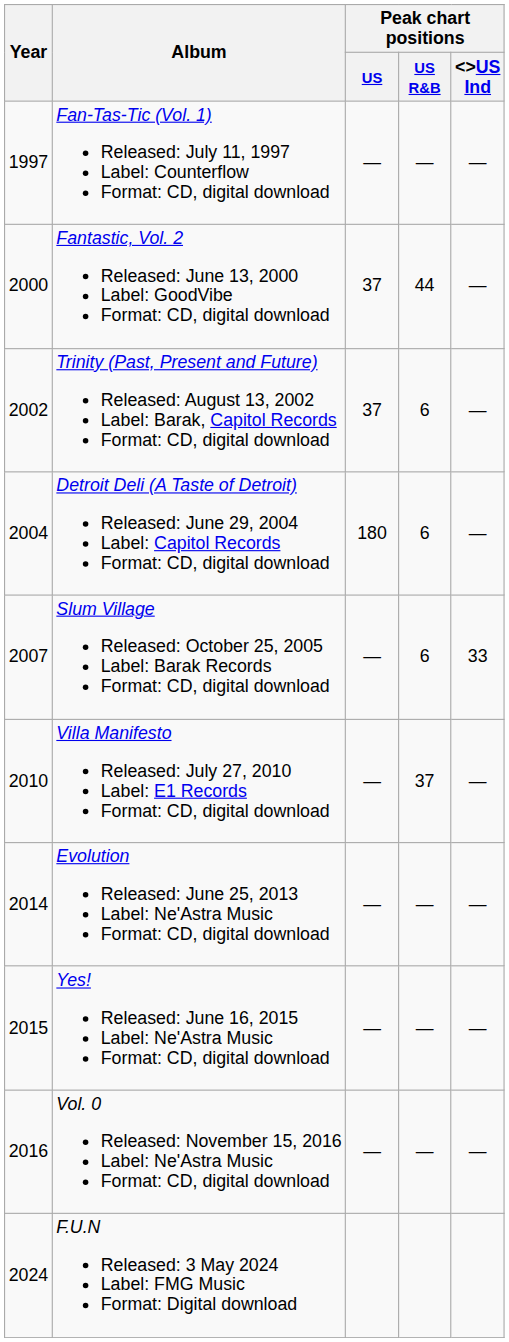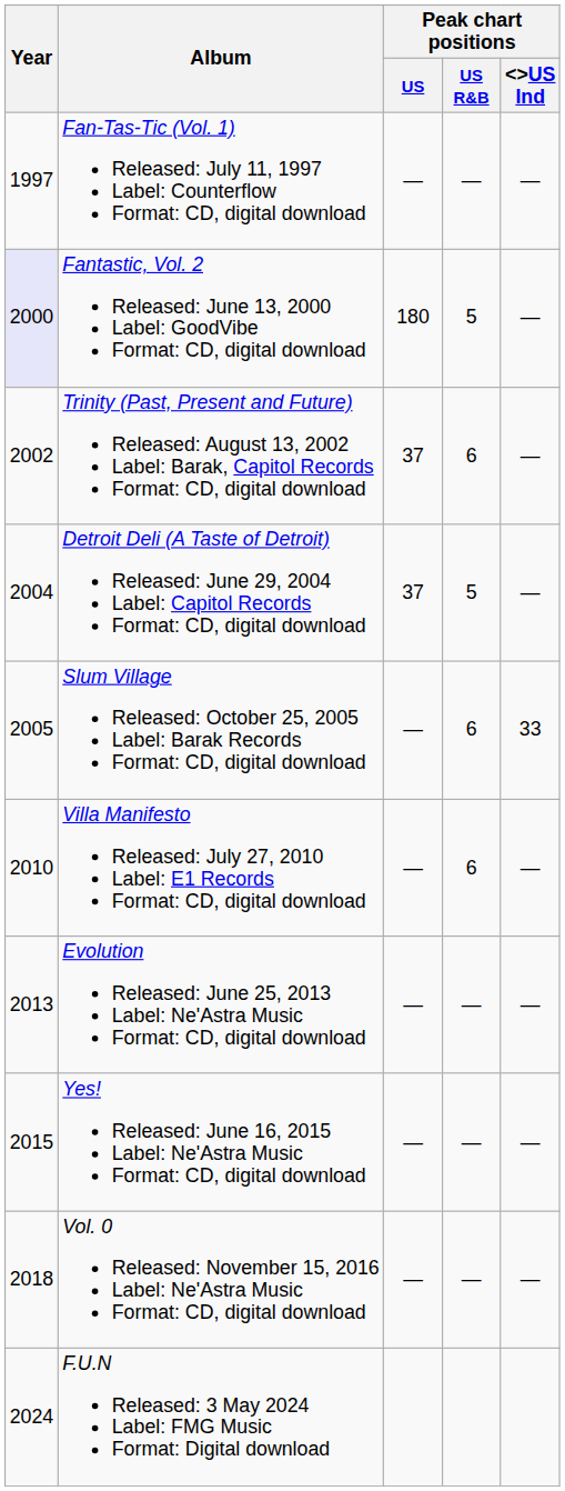 <table class="wikitable">
 <tr>
 <th style="text-align:center;" rowspan="2">Year</th>
 <th style="text-align:center;" rowspan="2">Album</th>
 <th style="text-align:center;" colspan="3">Peak chart positions</th>
 </tr>
 <tr>
 <th style="text-align:center; width:40px;"><small><a href='#'>US</a></small></th>
 <th style="text-align:center; width:40px;"><small><a href='#'>US <br>R&B</a></small></th>
 <th style="text-align:center; width:40px;"><><a href='#'>US Ind</a></th>
 </tr>
 <tr>
 <td style="text-align:center;" rowspan="1">1997</td>
 <td style="text-align:left; vertical-align:top;"><em><a href='#'>Fan-Tas-Tic (Vol. 1)</a></em><br><ul><li>Released: July 11, 1997</li><li>Label: Counterflow</li><li>Format: CD, digital download</li></ul></td>
 <td style="text-align:center;">—</td>
 <td style="text-align:center;">—</td>
 <td style="text-align:center;">—</td>
 </tr>
 <tr>
-<td style="text-align:center;">2000</td>
+<td style="background: lavender; text-align:center;">2000</td>
 <td style="text-align:left; vertical-align:top;"><em><a href='#'>Fantastic, Vol. 2</a></em><br><ul><li>Released: June 13, 2000</li><li>Label: GoodVibe</li><li>Format: CD, digital download</li></ul></td>
-<td style="text-align:center;">37</td>
-<td style="text-align:center;">44</td>
+<td style="text-align:center;">180</td>
+<td style="text-align:center;">5</td>
 <td style="text-align:center;">—</td>
 </tr>
 <tr>
 <td style="text-align:center;">2002</td>
 <td style="text-align:left; vertical-align:top;"><em><a href='#'>Trinity (Past, Present and Future)</a></em><br><ul><li>Released: August 13, 2002</li><li>Label: Barak, <a href='#'>Capitol Records</a></li><li>Format: CD, digital download</li></ul></td>
 <td style="text-align:center;">37</td>
 <td style="text-align:center;">6</td>
 <td style="text-align:center;">—</td>
 </tr>
 <tr>
 <td style="text-align:center;">2004</td>
 <td style="text-align:left; vertical-align:top;"><em><a href='#'>Detroit Deli (A Taste of Detroit)</a></em><br><ul><li>Released: June 29, 2004</li><li>Label: <a href='#'>Capitol Records</a></li><li>Format: CD, digital download</li></ul></td>
-<td style="text-align:center;">180</td>
-<td style="text-align:center;">6</td>
+<td style="text-align:center;">37</td>
+<td style="text-align:center;">5</td>
 <td style="text-align:center;">—</td>
 </tr>
 <tr>
-<td style="text-align:center;">2007</td>
+<td style="text-align:center;">2005</td>
 <td style="text-align:left; vertical-align:top;"><em><a href='#'>Slum Village</a></em><br><ul><li>Released: October 25, 2005</li><li>Label: Barak Records</li><li>Format: CD, digital download</li></ul></td>
 <td style="text-align:center;">—</td>
 <td style="text-align:center;">6</td>
 <td style="text-align:center;">33</td>
 </tr>
 <tr>
 <td style="text-align:center;">2010</td>
 <td style="text-align:left; vertical-align:top;"><em><a href='#'>Villa Manifesto</a></em><br><ul><li>Released: July 27, 2010</li><li>Label: <a href='#'>E1 Records</a></li><li>Format: CD, digital download</li></ul></td>
 <td style="text-align:center;">—</td>
-<td style="text-align:center;">37</td>
+<td style="text-align:center;">6</td>
 <td style="text-align:center;">—</td>
 </tr>
 <tr>
-<td style="text-align:center;">2014</td>
+<td style="text-align:center;">2013</td>
 <td style="text-align:left; vertical-align:top;"><em><a href='#'>Evolution</a></em><br><ul><li>Released: June 25, 2013</li><li>Label: Ne'Astra Music</li><li>Format: CD, digital download</li></ul></td>
 <td style="text-align:center;">—</td>
 <td style="text-align:center;">—</td>
 <td style="text-align:center;">—</td>
 </tr>
 <tr>
 <td style="text-align:center;">2015</td>
 <td style="text-align:left; vertical-align:top;"><em><a href='#'>Yes!</a></em><br><ul><li>Released: June 16, 2015</li><li>Label: Ne'Astra Music</li><li>Format: CD, digital download</li></ul></td>
 <td style="text-align:center;">—</td>
 <td style="text-align:center;">—</td>
 <td style="text-align:center;">—</td>
 </tr>
 <tr>
-<td style="text-align:center;">2016</td>
+<td style="text-align:center;">2018</td>
 <td style="text-align:left; vertical-align:top;"><em>Vol. 0</em><br><ul><li>Released: November 15, 2016</li><li>Label: Ne'Astra Music</li><li>Format: CD, digital download</li></ul></td>
 <td style="text-align:center;">—</td>
 <td style="text-align:center;">—</td>
 <td style="text-align:center;">—</td>
 </tr>
 <tr>
 <td>2024</td>
 <td><em>F.U.N</em><br><ul><li>Released: 3 May 2024</li><li>Label: FMG Music</li><li>Format: Digital download</li></ul></td>
 <td></td>
 <td></td>
 <td></td>
 </tr>
 </table>
